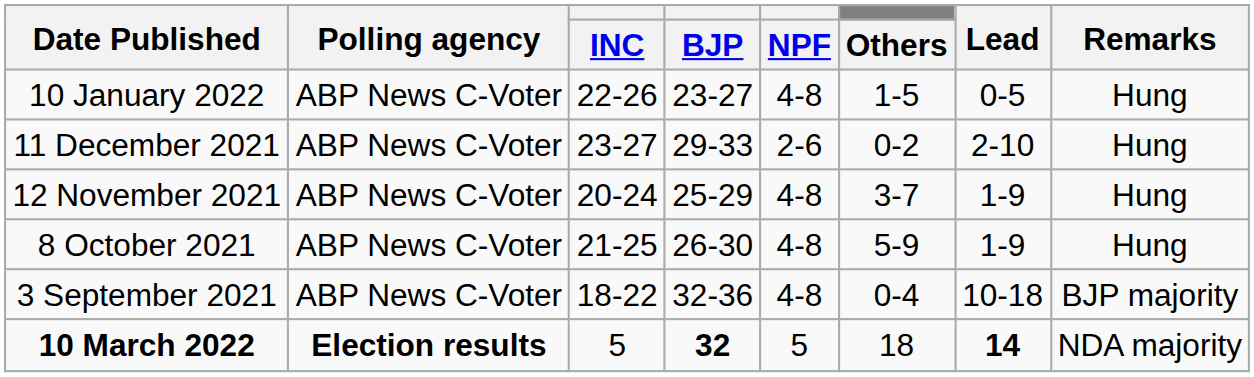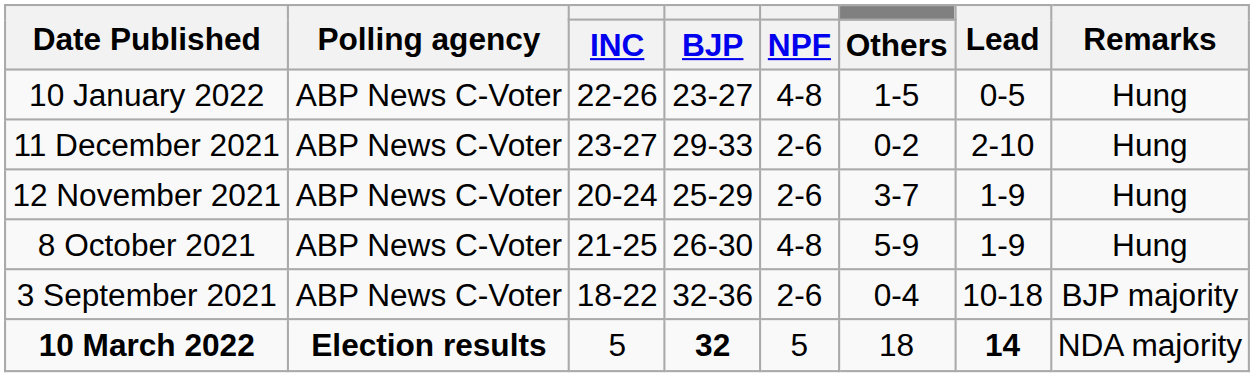 <table class="wikitable sortable" style="text-align:center; font-size:95%">
 <tr>
 <th rowspan="2">Date Published</th>
 <th rowspan="2">Polling agency</th>
 <th style="background:"></th>
 <th style="background:"></th>
 <th style="text-align:center; background:"></th>
 <th style="background:gray;"></th>
 <th rowspan="2">Lead</th>
 <th rowspan="2">Remarks</th>
 </tr>
 <tr>
 <th><a href='#'>INC</a></th>
 <th><a href='#'>BJP</a></th>
 <th><a href='#'>NPF</a></th>
 <th>Others</th>
 </tr>
 <tr>
 <td>10 January 2022</td>
 <td>ABP News C-Voter</td>
 <td>22-26</td>
 <td style="background:">23-27</td>
 <td>4-8</td>
 <td>1-5</td>
 <td style="background:">0-5</td>
 <td>Hung</td>
 </tr>
 <tr>
 <td>11 December 2021</td>
 <td>ABP News C-Voter</td>
 <td>23-27</td>
 <td style="background:">29-33</td>
 <td>2-6</td>
 <td>0-2</td>
 <td style="background:">2-10</td>
 <td>Hung</td>
 </tr>
 <tr>
 <td>12 November 2021</td>
 <td>ABP News C-Voter</td>
 <td>20-24</td>
 <td style="background:">25-29</td>
-<td>4-8</td>
+<td>2-6</td>
 <td>3-7</td>
 <td style="background:">1-9</td>
 <td>Hung</td>
 </tr>
 <tr>
 <td>8 October 2021</td>
 <td>ABP News C-Voter</td>
 <td>21-25</td>
 <td style="background:">26-30</td>
 <td>4-8</td>
 <td>5-9</td>
 <td style="background:">1-9</td>
 <td>Hung</td>
 </tr>
 <tr>
 <td>3 September 2021</td>
 <td>ABP News C-Voter</td>
 <td>18-22</td>
 <td style="background:">32-36</td>
-<td>4-8</td>
+<td>2-6</td>
 <td>0-4</td>
 <td style="background:">10-18</td>
 <td>BJP majority</td>
 </tr>
 <tr>
 <td style="background:"><strong>10 March 2022</strong></td>
 <td style="background:"><strong>Election results</strong></td>
 <td style="background:">5</td>
 <td><strong>32</strong></td>
 <td style="background:">5</td>
 <td style="background:">18</td>
 <td><strong>14</strong></td>
 <td style="background:">NDA majority</td>
 </tr>
 </table>
